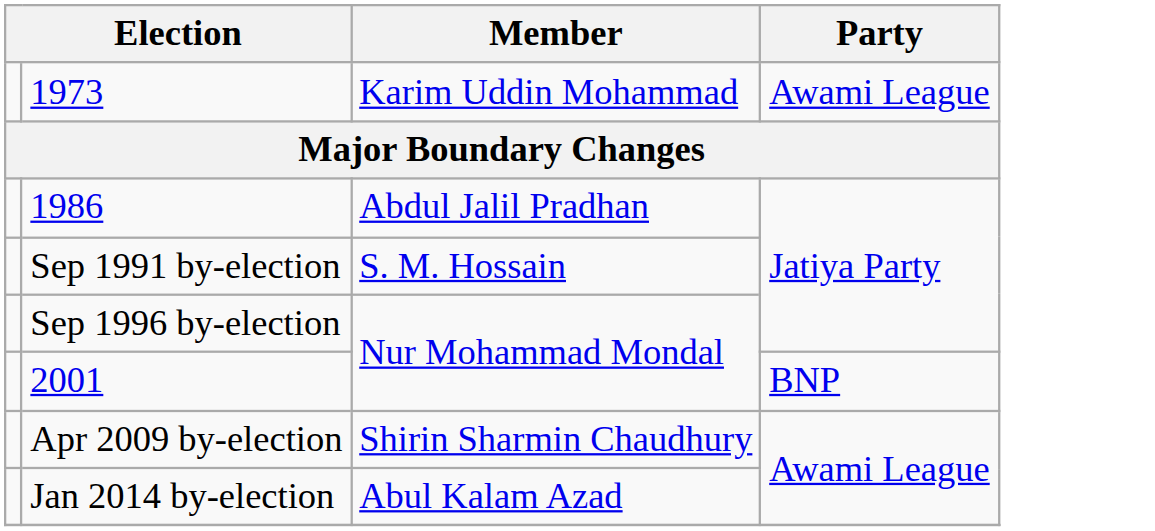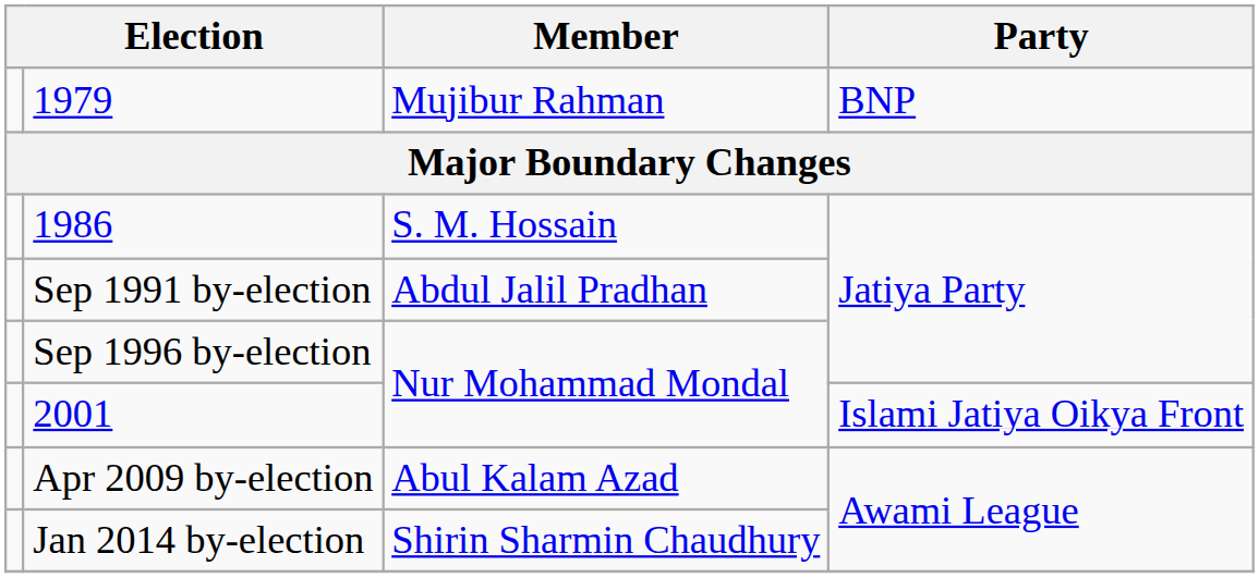 <table class="wikitable">
 <tr>
 <th colspan="2">Election</th>
 <th>Member</th>
 <th>Party</th>
 </tr>
 <tr>
 <td style="background-color:"></td>
-<td><a href='#'>1973</a></td>
-<td><a href='#'>Karim Uddin Mohammad</a></td>
-<td><a href='#'>Awami League</a></td>
+<td><a href='#'>1979</a></td>
+<td><a href='#'>Mujibur Rahman</a></td>
+<td><a href='#'>BNP</a></td>
 </tr>
 <tr>
 <th colspan="4"><strong>Major Boundary Changes</strong></th>
 </tr>
 <tr>
 <td style="background-color:"></td>
 <td><a href='#'>1986</a></td>
-<td><a href='#'>Abdul Jalil Pradhan</a></td>
+<td><a href='#'>S. M. Hossain</a></td>
 <td rowspan="3"><a href='#'>Jatiya Party</a></td>
 </tr>
 <tr>
 <td style="background-color:"></td>
 <td>Sep 1991 by-election</td>
-<td><a href='#'>S. M. Hossain</a></td>
+<td><a href='#'>Abdul Jalil Pradhan</a></td>
 </tr>
 <tr>
 <td style="background-color:"></td>
 <td>Sep 1996 by-election</td>
 <td rowspan="2"><a href='#'>Nur Mohammad Mondal</a></td>
 </tr>
 <tr>
 <td style="background-color:"></td>
 <td><a href='#'>2001</a></td>
-<td><a href='#'>BNP</a></td>
+<td><a href='#'>Islami Jatiya Oikya Front</a></td>
 </tr>
 <tr>
 <td style="background-color:"></td>
 <td>Apr 2009 by-election</td>
-<td><a href='#'>Shirin Sharmin Chaudhury</a></td>
+<td><a href='#'>Abul Kalam Azad</a></td>
 <td rowspan="2"><a href='#'>Awami League</a></td>
 </tr>
 <tr>
 <td style="background-color:"></td>
 <td>Jan 2014 by-election</td>
-<td><a href='#'>Abul Kalam Azad</a></td>
+<td><a href='#'>Shirin Sharmin Chaudhury</a></td>
 </tr>
 <tr>
 </tr>
 </table>
